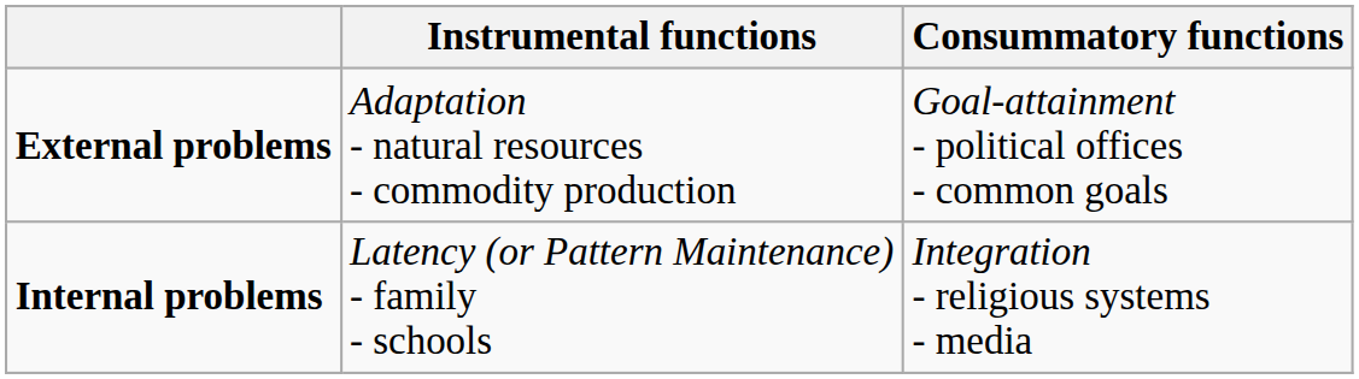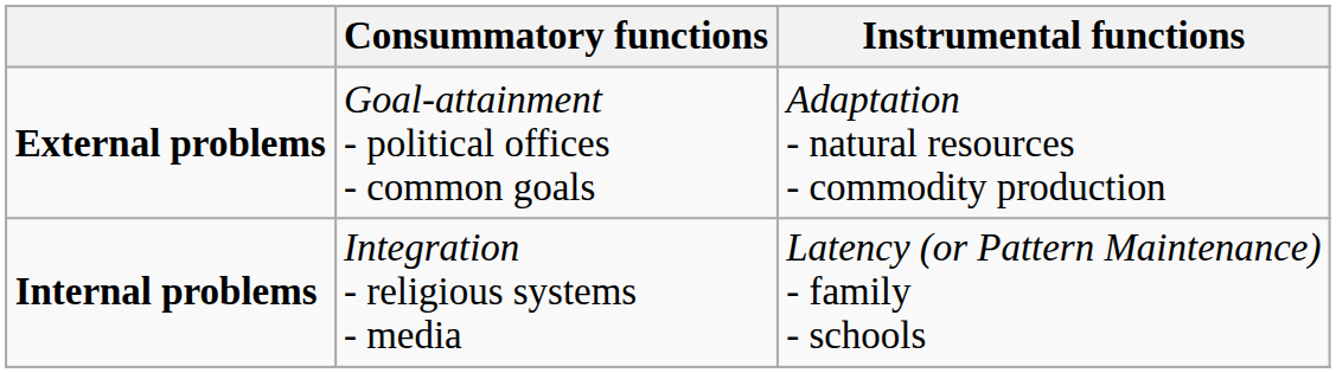 <table class="wikitable" border="1">
 <tr>
 <th></th>
+<th><strong>Consummatory functions</strong></th>
 <th><strong>Instrumental functions</strong></th>
-<th><strong>Consummatory functions</strong></th>
 </tr>
 <tr>
 <td><strong>External problems</strong></td>
+<td><em>Goal-attainment</em><br>- political offices<br> - common goals</td>
 <td><em>Adaptation</em><br>- natural resources<br> - commodity production</td>
-<td><em>Goal-attainment</em><br>- political offices<br> - common goals</td>
 </tr>
 <tr>
 <td><strong>Internal problems</strong></td>
+<td><em>Integration</em><br>- religious systems<br> - media</td>
 <td><em>Latency (or Pattern Maintenance)</em><br>- family<br> - schools</td>
-<td><em>Integration</em><br>- religious systems<br> - media</td>
 </tr>
 </table>
